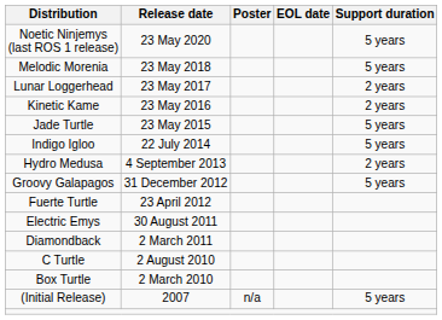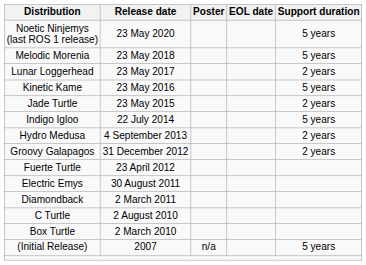 <table class="wikitable" style="display:inline-table; float:center; text-align:center; margin-left:1em; margin-right:0">
 <tr>
 <th>Distribution</th>
 <th>Release date</th>
 <th>Poster</th>
 <th>EOL date</th>
 <th>Support duration</th>
 </tr>
 <tr>
 <td>Noetic Ninjemys<br>(last ROS 1 release)</td>
 <td>23 May 2020</td>
 <td></td>
 <td></td>
 <td>5 years</td>
 </tr>
 <tr>
 <td>Melodic Morenia</td>
 <td>23 May 2018</td>
 <td></td>
 <td></td>
 <td>5 years</td>
 </tr>
 <tr>
 <td>Lunar Loggerhead</td>
 <td>23 May 2017</td>
 <td></td>
 <td></td>
 <td>2 years</td>
 </tr>
 <tr>
 <td>Kinetic Kame</td>
 <td>23 May 2016</td>
 <td></td>
 <td></td>
-<td>2 years</td>
+<td>5 years</td>
 </tr>
 <tr>
 <td>Jade Turtle</td>
 <td>23 May 2015</td>
 <td></td>
 <td></td>
-<td>5 years</td>
+<td>2 years</td>
 </tr>
 <tr>
 <td>Indigo Igloo</td>
 <td>22 July 2014</td>
 <td></td>
 <td></td>
 <td>5 years</td>
 </tr>
 <tr>
 <td>Hydro Medusa</td>
 <td>4 September 2013</td>
 <td></td>
 <td></td>
 <td>2 years</td>
 </tr>
 <tr>
 <td>Groovy Galapagos</td>
 <td>31 December 2012</td>
 <td></td>
 <td></td>
-<td>5 years</td>
+<td>2 years</td>
 </tr>
 <tr>
 <td>Fuerte Turtle</td>
 <td>23 April 2012</td>
 <td></td>
 <td></td>
 <td></td>
 </tr>
 <tr>
 <td>Electric Emys</td>
 <td>30 August 2011</td>
 <td></td>
 <td></td>
 <td></td>
 </tr>
 <tr>
 <td>Diamondback</td>
 <td>2 March 2011</td>
 <td></td>
 <td></td>
 <td></td>
 </tr>
 <tr>
 <td>C Turtle</td>
 <td>2 August 2010</td>
 <td></td>
 <td></td>
 <td></td>
 </tr>
 <tr>
 <td>Box Turtle</td>
 <td>2 March 2010</td>
 <td></td>
 <td></td>
 <td></td>
 </tr>
 <tr>
 <td>(Initial Release)</td>
 <td>2007</td>
 <td>n/a</td>
 <td></td>
 <td>5 years</td>
 </tr>
 <tr>
 <td colspan="98"></td>
 </tr>
 </table>
